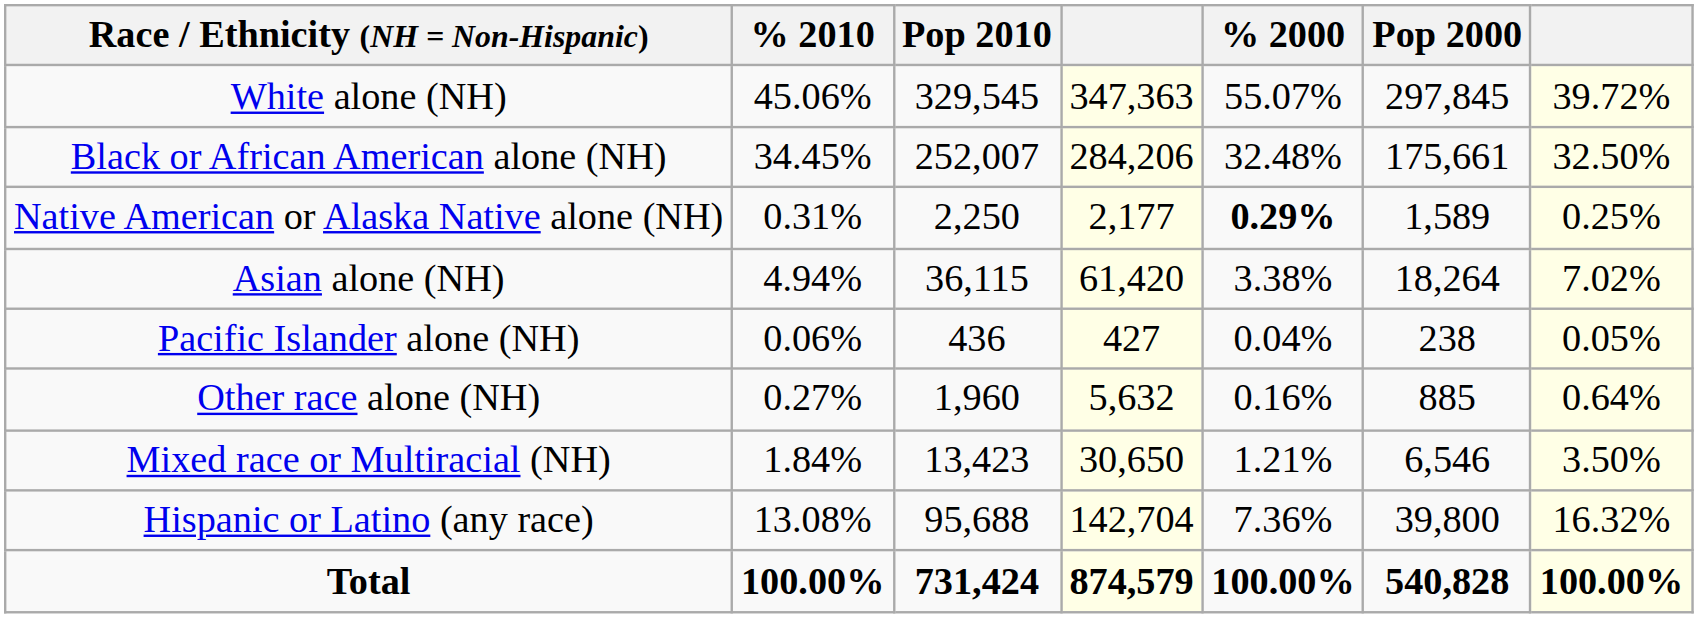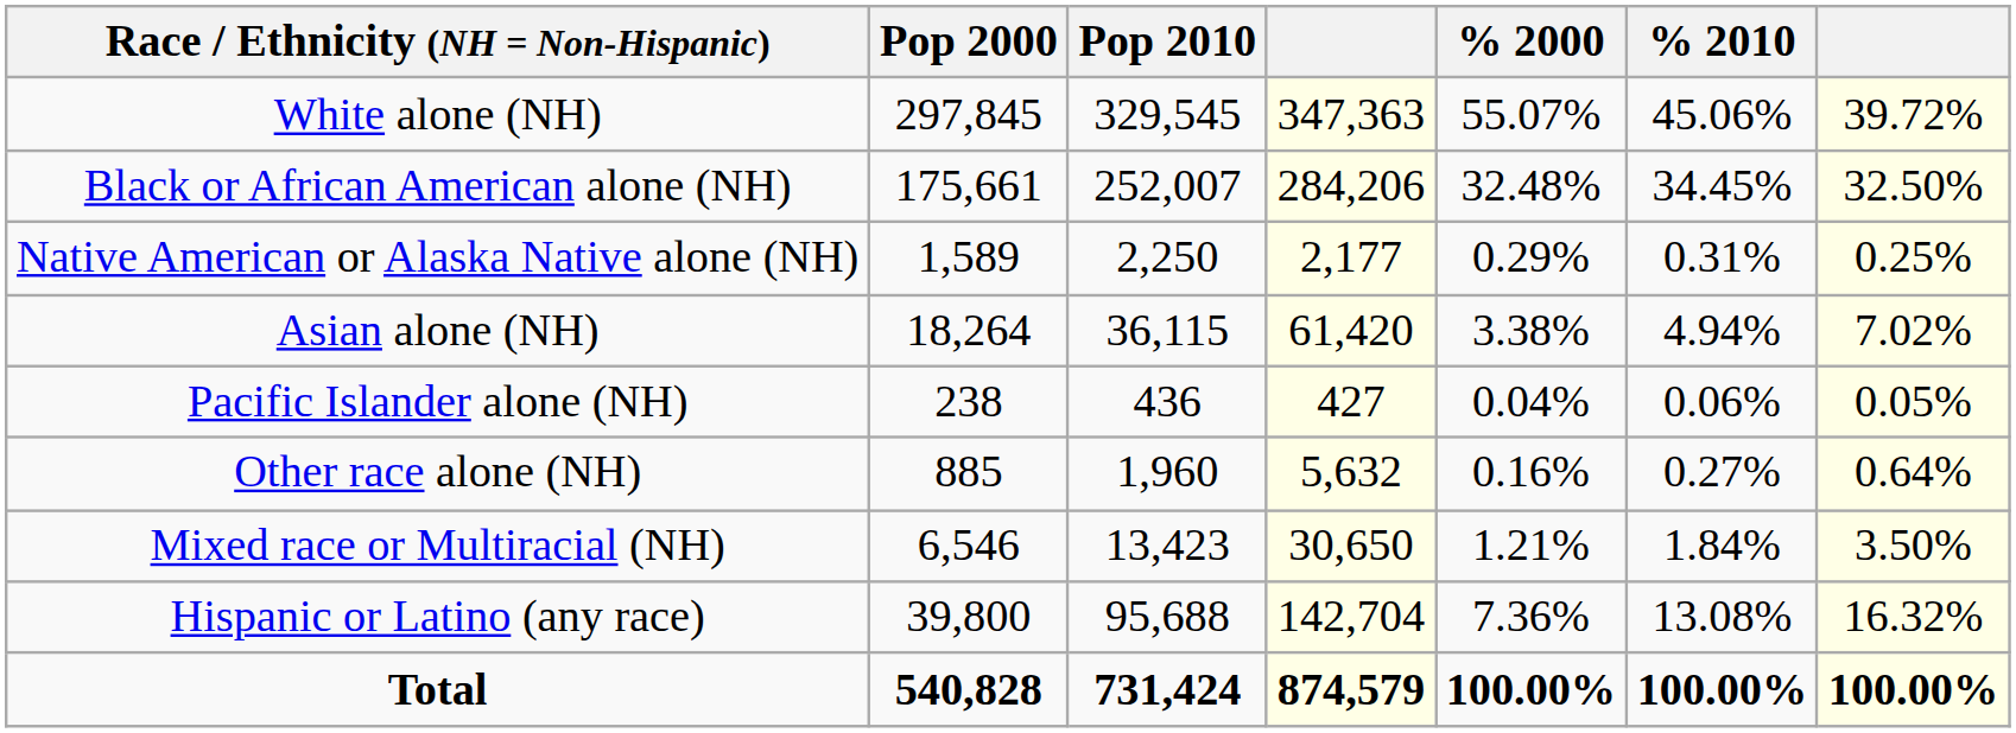 <table class="wikitable" style="text-align:center;">
 <tr>
 <th>Race / Ethnicity <small>(<em>NH = Non-Hispanic</em>)</small></th>
-<th>% 2010</th>
+<th>Pop 2000</th>
 <th>Pop 2010</th>
 <th></th>
 <th>% 2000</th>
-<th>Pop 2000</th>
+<th>% 2010</th>
 <th></th>
 </tr>
 <tr>
 <td><a href='#'>White</a> alone (NH)</td>
-<td>45.06%</td>
+<td>297,845</td>
 <td>329,545</td>
 <td style='background: #ffffe6;'>347,363</td>
 <td>55.07%</td>
-<td>297,845</td>
+<td>45.06%</td>
 <td style='background: #ffffe6;'>39.72%</td>
 </tr>
 <tr>
 <td><a href='#'>Black or African American</a> alone (NH)</td>
-<td>34.45%</td>
+<td>175,661</td>
 <td>252,007</td>
 <td style='background: #ffffe6;'>284,206</td>
 <td>32.48%</td>
-<td>175,661</td>
+<td>34.45%</td>
 <td style='background: #ffffe6;'>32.50%</td>
 </tr>
 <tr>
 <td><a href='#'>Native American</a> or <a href='#'>Alaska Native</a> alone (NH)</td>
-<td>0.31%</td>
+<td>1,589</td>
 <td>2,250</td>
 <td style='background: #ffffe6;'>2,177</td>
-<td><strong>0.29%</strong></td>
-<td>1,589</td>
+<td>0.29%</td>
+<td>0.31%</td>
 <td style='background: #ffffe6;'>0.25%</td>
 </tr>
 <tr>
 <td><a href='#'>Asian</a> alone (NH)</td>
-<td>4.94%</td>
+<td>18,264</td>
 <td>36,115</td>
 <td style='background: #ffffe6;'>61,420</td>
 <td>3.38%</td>
-<td>18,264</td>
+<td>4.94%</td>
 <td style='background: #ffffe6;'>7.02%</td>
 </tr>
 <tr>
 <td><a href='#'>Pacific Islander</a> alone (NH)</td>
-<td>0.06%</td>
+<td>238</td>
 <td>436</td>
 <td style='background: #ffffe6;'>427</td>
 <td>0.04%</td>
-<td>238</td>
+<td>0.06%</td>
 <td style='background: #ffffe6;'>0.05%</td>
 </tr>
 <tr>
 <td><a href='#'>Other race</a> alone (NH)</td>
-<td>0.27%</td>
+<td>885</td>
 <td>1,960</td>
 <td style='background: #ffffe6;'>5,632</td>
 <td>0.16%</td>
-<td>885</td>
+<td>0.27%</td>
 <td style='background: #ffffe6;'>0.64%</td>
 </tr>
 <tr>
 <td><a href='#'>Mixed race or Multiracial</a> (NH)</td>
-<td>1.84%</td>
+<td>6,546</td>
 <td>13,423</td>
 <td style='background: #ffffe6;'>30,650</td>
 <td>1.21%</td>
-<td>6,546</td>
+<td>1.84%</td>
 <td style='background: #ffffe6;'>3.50%</td>
 </tr>
 <tr>
 <td><a href='#'>Hispanic or Latino</a> (any race)</td>
-<td>13.08%</td>
+<td>39,800</td>
 <td>95,688</td>
 <td style='background: #ffffe6;'>142,704</td>
 <td>7.36%</td>
-<td>39,800</td>
+<td>13.08%</td>
 <td style='background: #ffffe6;'>16.32%</td>
 </tr>
 <tr>
 <td><strong>Total</strong></td>
-<td><strong>100.00%</strong></td>
+<td><strong>540,828</strong></td>
 <td><strong>731,424</strong></td>
 <td style='background: #ffffe6;'><strong>874,579</strong></td>
 <td><strong>100.00%</strong></td>
-<td><strong>540,828</strong></td>
+<td><strong>100.00%</strong></td>
 <td style='background: #ffffe6;'><strong>100.00%</strong></td>
 </tr>
 </table>
